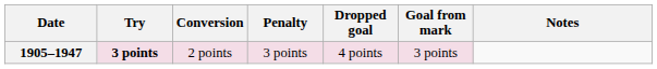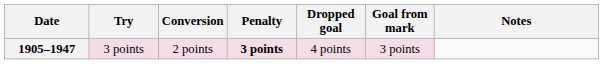 <table class="wikitable">
 <tr>
 <th scope="col" style="width:100px;">Date</th>
 <th scope="col" style="width:80px;">Try</th>
 <th scope="col" style="width:80px;">Conversion</th>
 <th scope="col" style="width:80px;">Penalty</th>
 <th scope="col" style="width:80px;">Dropped goal</th>
 <th scope="col" style="width:80px;">Goal from mark</th>
 <th scope="col" style="width:200px;">Notes<br></th>
 </tr>
 <tr style="text-align:center;background:#F4DDE7;">
 <th>1905–1947</th>
+<td>3 points</td>
+<td>2 points</td>
 <td><strong>3 points</strong></td>
-<td>2 points</td>
-<td>3 points</td>
 <td>4 points</td>
 <td>3 points<br></td>
 </tr>
 </table>
